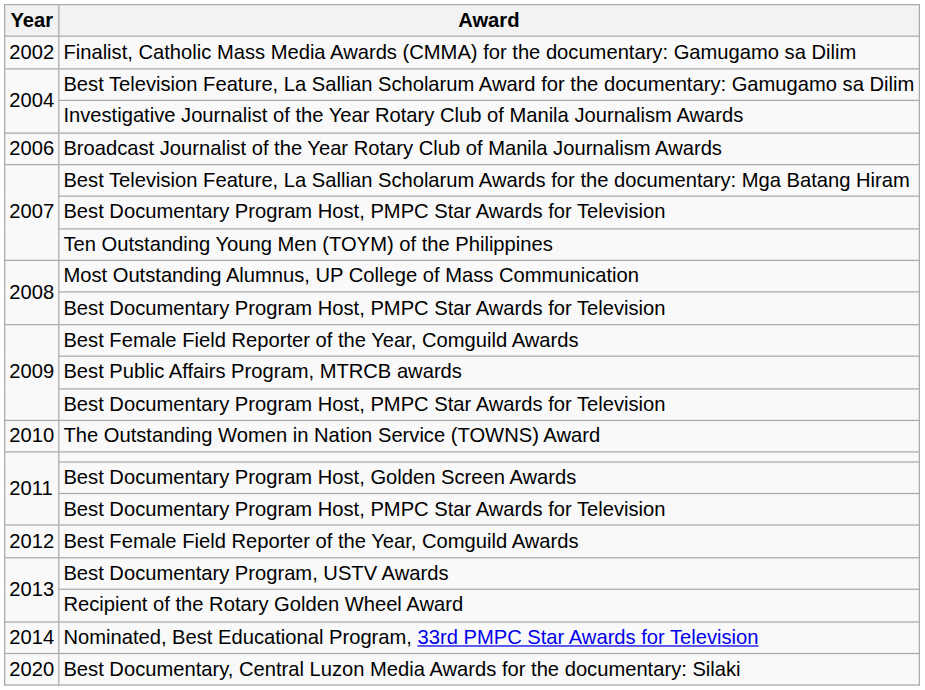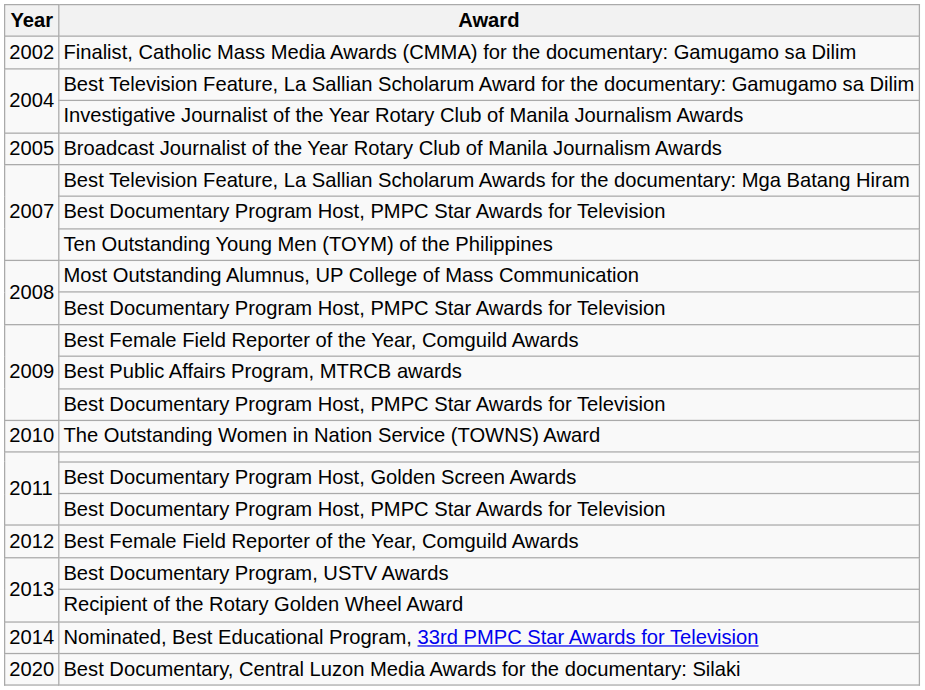 <table class="wikitable plainrowheaders">
 <tr>
 <th>Year</th>
 <th>Award</th>
 </tr>
 <tr>
 <td>2002</td>
 <td>Finalist, Catholic Mass Media Awards (CMMA) for the documentary: Gamugamo sa Dilim</td>
 </tr>
 <tr>
 <td rowspan=2>2004</td>
 <td>Best Television Feature, La Sallian Scholarum Award for the documentary: Gamugamo sa Dilim</td>
 </tr>
 <tr>
 <td>Investigative Journalist of the Year Rotary Club of Manila Journalism Awards</td>
 </tr>
 <tr>
-<td>2006</td>
+<td>2005</td>
 <td>Broadcast Journalist of the Year Rotary Club of Manila Journalism Awards</td>
 </tr>
 <tr>
 <td rowspan=3>2007</td>
 <td>Best Television Feature, La Sallian Scholarum Awards for the documentary: Mga Batang Hiram</td>
 </tr>
 <tr>
 <td>Best Documentary Program Host, PMPC Star Awards for Television</td>
 </tr>
 <tr>
 <td>Ten Outstanding Young Men (TOYM) of the Philippines</td>
 </tr>
 <tr>
 <td rowspan=2>2008</td>
 <td>Most Outstanding Alumnus, UP College of Mass Communication</td>
 </tr>
 <tr>
 <td>Best Documentary Program Host, PMPC Star Awards for Television</td>
 </tr>
 <tr>
 <td rowspan=3>2009</td>
 <td>Best Female Field Reporter of the Year, Comguild Awards</td>
 </tr>
 <tr>
 <td>Best Public Affairs Program, MTRCB awards</td>
 </tr>
 <tr>
 <td>Best Documentary Program Host, PMPC Star Awards for Television</td>
 </tr>
 <tr>
 <td>2010</td>
 <td>The Outstanding Women in Nation Service (TOWNS) Award</td>
 </tr>
 <tr>
 <td rowspan=3>2011</td>
 <td></td>
 </tr>
 <tr>
 <td>Best Documentary Program Host, Golden Screen Awards</td>
 </tr>
 <tr>
 <td>Best Documentary Program Host, PMPC Star Awards for Television</td>
 </tr>
 <tr>
 <td>2012</td>
 <td>Best Female Field Reporter of the Year, Comguild Awards</td>
 </tr>
 <tr>
 <td rowspan=2>2013</td>
 <td>Best Documentary Program, USTV Awards</td>
 </tr>
 <tr>
 <td>Recipient of the Rotary Golden Wheel Award</td>
 </tr>
 <tr>
 <td>2014</td>
 <td>Nominated, Best Educational Program, <a href='#'>33rd PMPC Star Awards for Television</a></td>
 </tr>
 <tr>
 <td>2020</td>
 <td>Best Documentary, Central Luzon Media Awards for the documentary: Silaki </td>
 </tr>
 </table>
